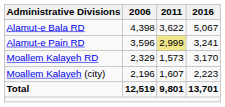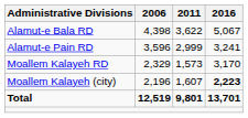 <table class="wikitable">
 <tr>
 <th>Administrative Divisions</th>
 <th>2006</th>
 <th>2011</th>
 <th>2016</th>
 </tr>
 <tr>
 <td><a href='#'>Alamut-e Bala RD</a></td>
 <td style="text-align: right;">4,398</td>
 <td style="text-align: right;">3,622</td>
 <td style="text-align: right;">5,067</td>
 </tr>
 <tr>
 <td><a href='#'>Alamut-e Pain RD</a></td>
 <td style="text-align: right;">3,596</td>
-<td style="background: khaki; text-align: right;">2,999</td>
+<td style="text-align: right;">2,999</td>
 <td style="text-align: right;">3,241</td>
 </tr>
 <tr>
 <td><a href='#'>Moallem Kalayeh RD</a></td>
 <td style="text-align: right;">2,329</td>
 <td style="text-align: right;">1,573</td>
 <td style="text-align: right;">3,170</td>
 </tr>
 <tr>
 <td><a href='#'>Moallem Kalayeh</a> (city)</td>
 <td style="text-align: right;">2,196</td>
 <td style="text-align: right;">1,607</td>
-<td style="text-align: right;">2,223</td>
+<td style="text-align: right;"><strong>2,223</strong></td>
 </tr>
 <tr>
 <td><strong>Total</strong></td>
 <td style="text-align: right;"><strong>12,519</strong></td>
 <td style="text-align: right;"><strong>9,801</strong></td>
 <td style="text-align: right;"><strong>13,701</strong></td>
 </tr>
 <tr>
 <td colspan=4></td>
 </tr>
 </table>
